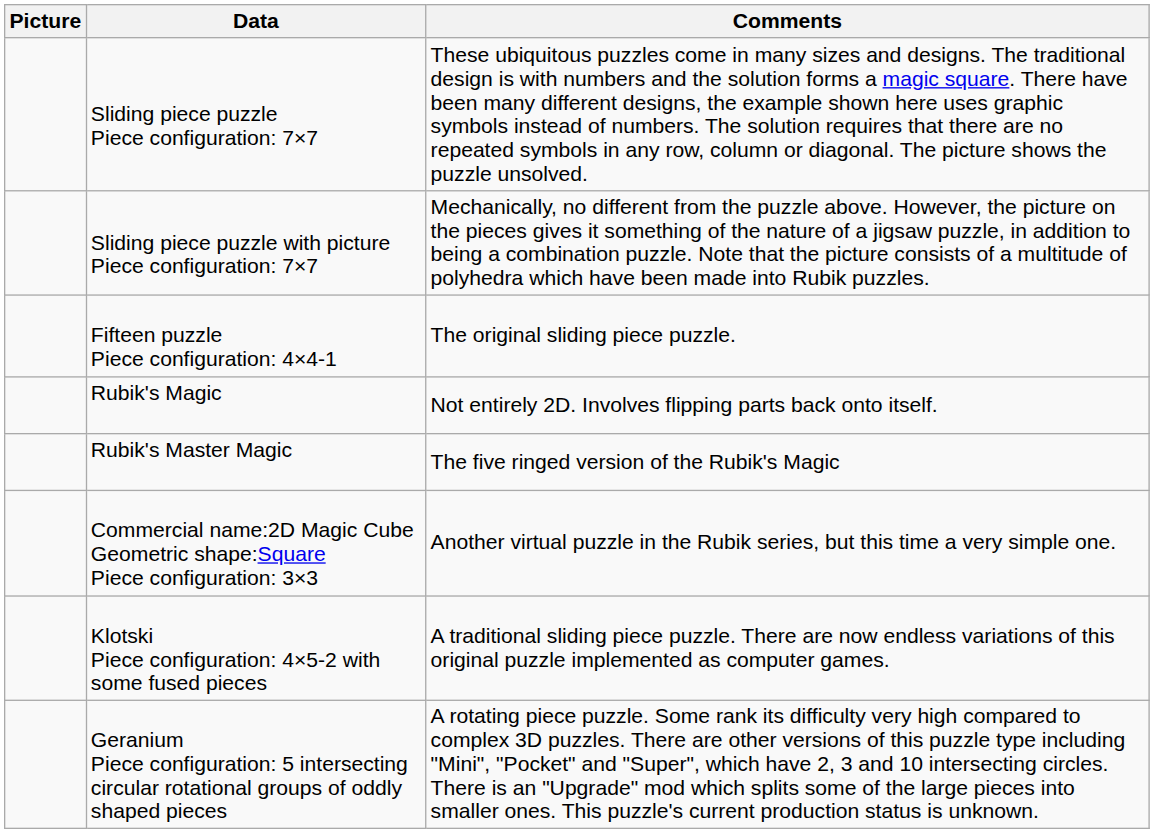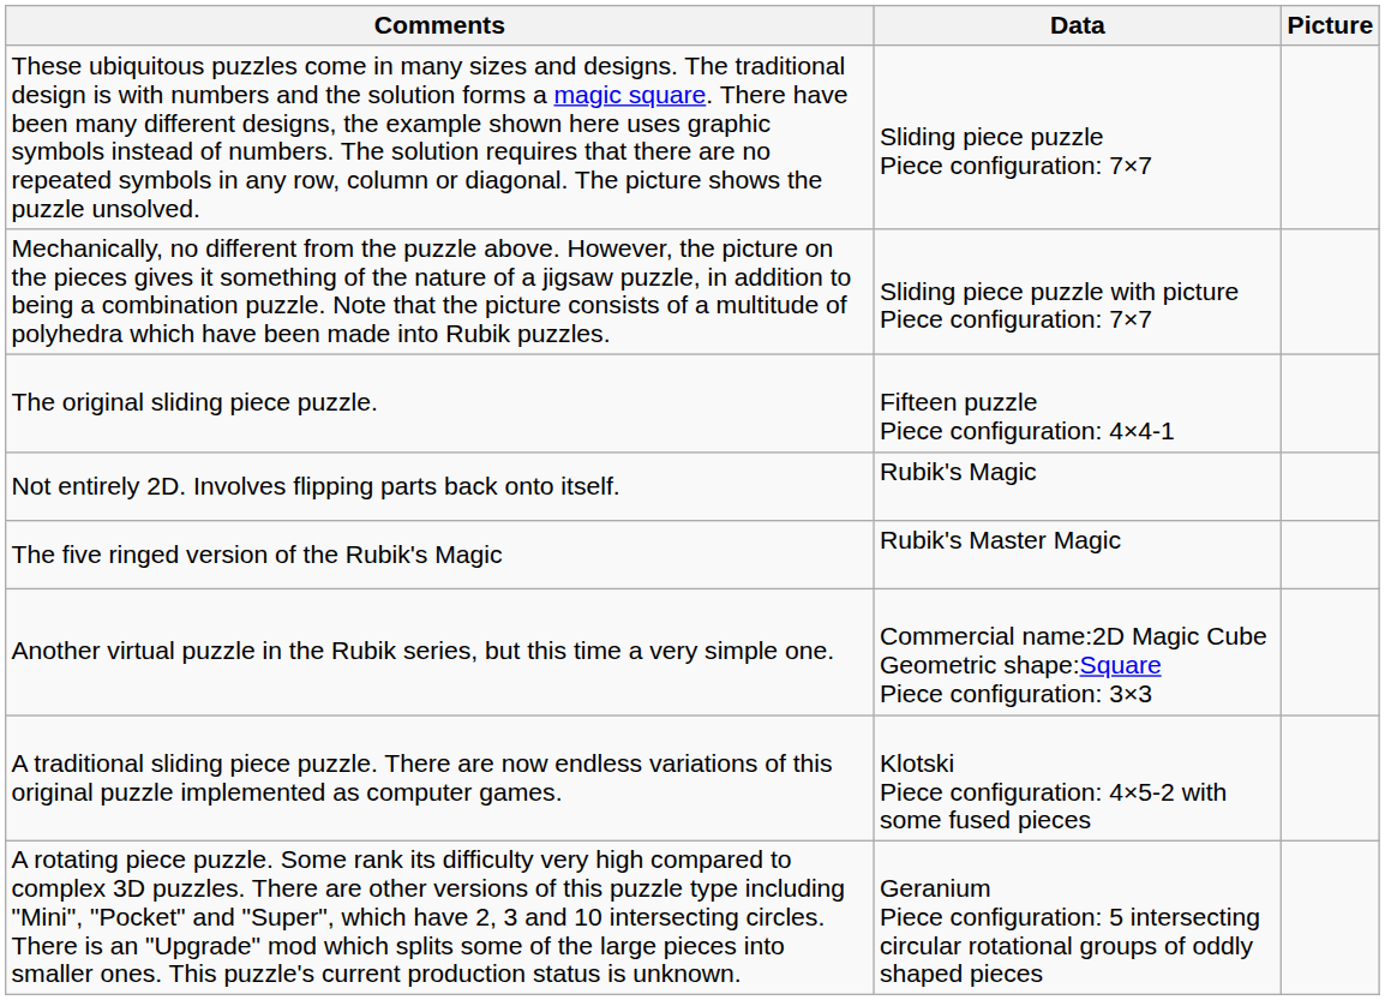 <table class="wikitable">
 <tr>
+<th>Comments</th>
+<th width="250">Data</th>
 <th>Picture</th>
-<th width="250">Data</th>
-<th>Comments</th>
 </tr>
 <tr>
+<td>These ubiquitous puzzles come in many sizes and designs. The traditional design is with numbers and the solution forms a <a href='#'>magic square</a>. There have been many different designs, the example shown here uses graphic symbols instead of numbers. The solution requires that there are no repeated symbols in any row, column or diagonal. The picture shows the puzzle unsolved.</td>
+<td><br>Sliding piece puzzle<br> Piece configuration: 7×7<br> </td>
 <td></td>
-<td><br>Sliding piece puzzle<br> Piece configuration: 7×7<br> </td>
-<td>These ubiquitous puzzles come in many sizes and designs. The traditional design is with numbers and the solution forms a <a href='#'>magic square</a>. There have been many different designs, the example shown here uses graphic symbols instead of numbers. The solution requires that there are no repeated symbols in any row, column or diagonal. The picture shows the puzzle unsolved.</td>
 </tr>
 <tr>
+<td>Mechanically, no different from the puzzle above. However, the picture on the pieces gives it something of the nature of a jigsaw puzzle, in addition to being a combination puzzle. Note that the picture consists of a multitude of polyhedra which have been made into Rubik puzzles.</td>
+<td><br>Sliding piece puzzle with picture<br> Piece configuration: 7×7<br> </td>
 <td></td>
-<td><br>Sliding piece puzzle with picture<br> Piece configuration: 7×7<br> </td>
-<td>Mechanically, no different from the puzzle above. However, the picture on the pieces gives it something of the nature of a jigsaw puzzle, in addition to being a combination puzzle. Note that the picture consists of a multitude of polyhedra which have been made into Rubik puzzles.</td>
 </tr>
 <tr>
+<td>The original sliding piece puzzle.</td>
+<td><br>Fifteen puzzle<br> Piece configuration: 4×4-1<br> </td>
 <td></td>
-<td><br>Fifteen puzzle<br> Piece configuration: 4×4-1<br> </td>
-<td>The original sliding piece puzzle.</td>
 </tr>
 <tr>
+<td>Not entirely 2D. Involves flipping parts back onto itself.</td>
+<td>Rubik's Magic<br><br></td>
 <td></td>
-<td>Rubik's Magic<br><br></td>
-<td>Not entirely 2D. Involves flipping parts back onto itself.</td>
 </tr>
 <tr>
+<td>The five ringed version of the Rubik's Magic</td>
+<td>Rubik's Master Magic<br><br></td>
 <td></td>
-<td>Rubik's Master Magic<br><br></td>
-<td>The five ringed version of the Rubik's Magic</td>
 </tr>
 <tr>
+<td>Another virtual puzzle in the Rubik series, but this time a very simple one.</td>
+<td><br>Commercial name:2D Magic Cube<br> Geometric shape:<a href='#'>Square</a><br> Piece configuration: 3×3<br> </td>
 <td></td>
-<td><br>Commercial name:2D Magic Cube<br> Geometric shape:<a href='#'>Square</a><br> Piece configuration: 3×3<br> </td>
-<td>Another virtual puzzle in the Rubik series, but this time a very simple one.</td>
 </tr>
 <tr>
+<td>A traditional sliding piece puzzle. There are now endless variations of this original puzzle implemented as computer games.</td>
+<td><br>Klotski<br> Piece configuration: 4×5-2 with some fused pieces<br> </td>
 <td></td>
-<td><br>Klotski<br> Piece configuration: 4×5-2 with some fused pieces<br> </td>
-<td>A traditional sliding piece puzzle. There are now endless variations of this original puzzle implemented as computer games.</td>
 </tr>
 <tr>
+<td>A rotating piece puzzle. Some rank its difficulty very high compared to complex 3D puzzles. There are other versions of this puzzle type including "Mini", "Pocket" and "Super", which have 2, 3 and 10 intersecting circles. There is an "Upgrade" mod which splits some of the large pieces into smaller ones. This puzzle's current production status is unknown.</td>
+<td><br>Geranium<br> Piece configuration: 5 intersecting circular rotational groups of oddly shaped pieces<br></td>
 <td></td>
-<td><br>Geranium<br> Piece configuration: 5 intersecting circular rotational groups of oddly shaped pieces<br></td>
-<td>A rotating piece puzzle. Some rank its difficulty very high compared to complex 3D puzzles. There are other versions of this puzzle type including "Mini", "Pocket" and "Super", which have 2, 3 and 10 intersecting circles. There is an "Upgrade" mod which splits some of the large pieces into smaller ones. This puzzle's current production status is unknown.</td>
 </tr>
 </table>
